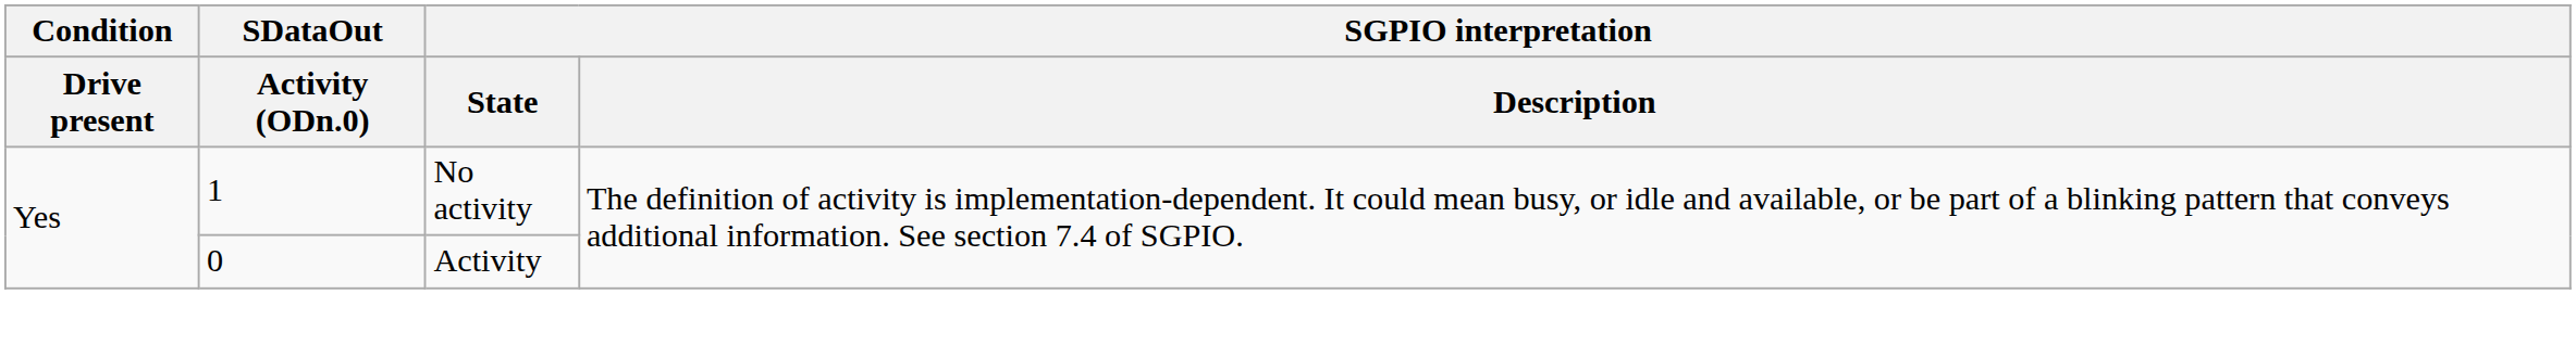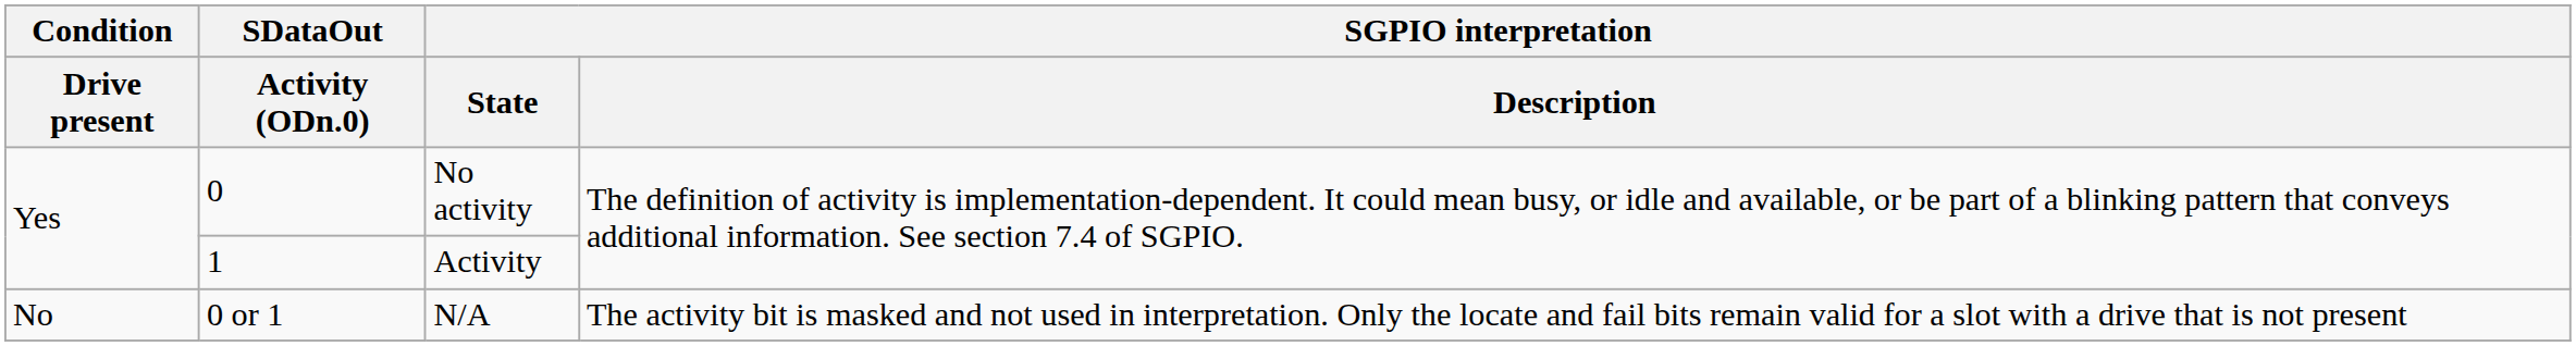 <table class="wikitable">
 <tr>
 <th>Condition</th>
 <th>SDataOut</th>
 <th colspan=2>SGPIO interpretation</th>
 </tr>
 <tr>
 <th>Drive present</th>
 <th>Activity (ODn.0)</th>
 <th>State</th>
 <th>Description</th>
 </tr>
 <tr>
 <td rowspan=2>Yes</td>
-<td>1</td>
+<td>0</td>
 <td>No activity</td>
 <td rowspan=2>The definition of activity is implementation-dependent.  It could mean busy, or idle and available, or be part of a blinking pattern that conveys additional information. See section 7.4 of SGPIO.</td>
 </tr>
 <tr>
-<td>0</td>
+<td>1</td>
 <td>Activity</td>
 </tr>
+<tr>
+<td>No</td>
+<td>0 or 1</td>
+<td>N/A</td>
+<td>The activity bit is masked and not used in interpretation. Only the locate and fail bits remain valid for a slot with a drive that is not present</td>
+</tr>
 </table>
